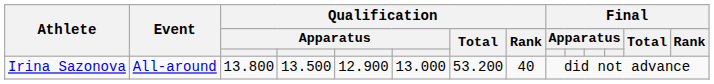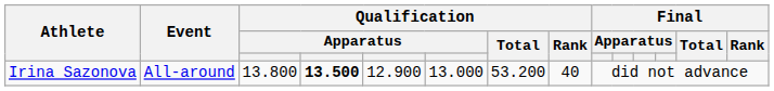 <table class="wikitable" style="font-size:90%">
 <tr>
 <th rowspan=3>Athlete</th>
 <th rowspan=3>Event</th>
 <th colspan=6>Qualification</th>
 <th colspan=6>Final</th>
 </tr>
 <tr style="font-size:95%">
 <th colspan=4>Apparatus</th>
 <th rowspan=2>Total</th>
 <th rowspan=2>Rank</th>
 <th colspan=4>Apparatus</th>
 <th rowspan=2>Total</th>
 <th rowspan=2>Rank</th>
 </tr>
 <tr style="font-size:95%">
 <th></th>
 <th></th>
 <th></th>
 <th></th>
 <th></th>
 <th></th>
 <th></th>
 <th></th>
 </tr>
 <tr align=center>
 <td align=left><a href='#'>Irina Sazonova</a></td>
 <td align=left><a href='#'>All-around</a></td>
 <td>13.800</td>
-<td>13.500</td>
+<td><strong>13.500</strong></td>
 <td>12.900</td>
 <td>13.000</td>
 <td>53.200</td>
 <td>40</td>
 <td colspan=6>did not advance</td>
 </tr>
 </table>
